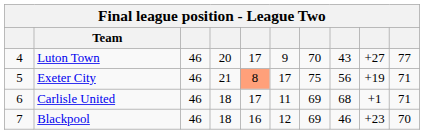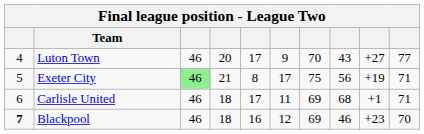 <table class="wikitable" style="text-align:center">
 <tr>
 <th colspan=10><big>Final league position - League Two</big></th>
 </tr>
 <tr>
 <th width="30"></th>
 <th width="175">Team</th>
 <th width="30"></th>
 <th width="30"></th>
 <th width="30"></th>
 <th width="30"></th>
 <th width="30"></th>
 <th width="30"></th>
 <th width="30"></th>
 <th width="30"></th>
 </tr>
 <tr>
 <td>4</td>
 <td align=left><a href='#'>Luton Town</a></td>
 <td>46</td>
 <td>20</td>
 <td>17</td>
 <td>9</td>
 <td>70</td>
 <td>43</td>
 <td>+27</td>
 <td>77</td>
 </tr>
 <tr>
 <td>5</td>
 <td align=left><a href='#'>Exeter City</a></td>
-<td>46</td>
+<td style="background: lightgreen;">46</td>
 <td>21</td>
-<td style="background: lightsalmon;">8</td>
+<td>8</td>
 <td>17</td>
 <td>75</td>
 <td>56</td>
 <td>+19</td>
 <td>71</td>
 </tr>
 <tr>
 <td>6</td>
 <td align=left><a href='#'>Carlisle United</a></td>
 <td>46</td>
 <td>18</td>
 <td>17</td>
 <td>11</td>
 <td>69</td>
 <td>68</td>
 <td>+1</td>
 <td>71</td>
 </tr>
 <tr>
-<td>7</td>
+<td><strong>7</strong></td>
 <td align=left><a href='#'>Blackpool</a></td>
 <td>46</td>
 <td>18</td>
 <td>16</td>
 <td>12</td>
 <td>69</td>
 <td>46</td>
 <td>+23</td>
 <td>70</td>
 </tr>
 </table>
